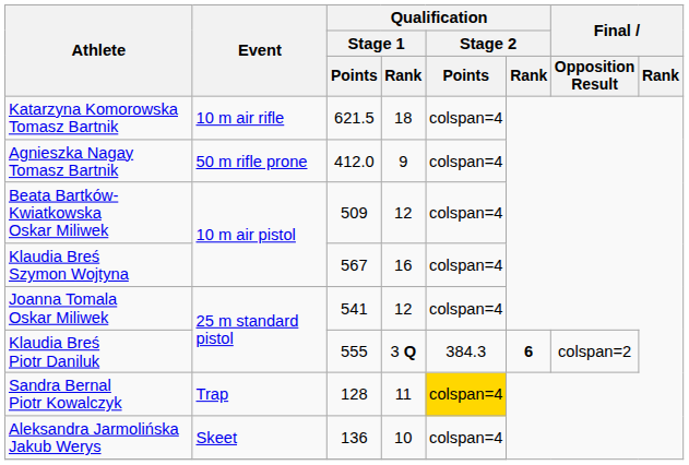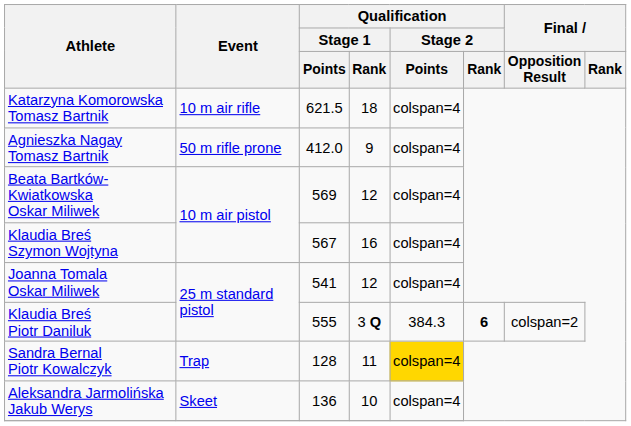 <table class="wikitable" style="text-align:center; font-size:90%">
 <tr>
 <th rowspan=3>Athlete</th>
 <th rowspan=3>Event</th>
 <th colspan=4>Qualification</th>
 <th colspan=2 rowspan=2>Final / </th>
 </tr>
 <tr>
 <th colspan="2">Stage 1</th>
 <th colspan="2">Stage 2</th>
 </tr>
 <tr style="font-size:95%">
 <th>Points</th>
 <th>Rank</th>
 <th>Points</th>
 <th>Rank</th>
 <th>Opposition<br>Result</th>
 <th>Rank</th>
 </tr>
 <tr>
 <td align=left><a href='#'>Katarzyna Komorowska</a><br><a href='#'>Tomasz Bartnik</a></td>
 <td align=left><a href='#'>10 m air rifle</a></td>
 <td>621.5</td>
 <td>18</td>
 <td>colspan=4 </td>
 </tr>
 <tr>
 <td align=left><a href='#'>Agnieszka Nagay</a><br><a href='#'>Tomasz Bartnik</a></td>
 <td align=left><a href='#'>50 m rifle prone</a></td>
 <td>412.0</td>
 <td>9</td>
 <td>colspan=4 </td>
 </tr>
 <tr>
 <td align=left><a href='#'>Beata Bartków-Kwiatkowska</a><br><a href='#'>Oskar Miliwek</a></td>
 <td rowspan=2 align=left><a href='#'>10 m air pistol</a></td>
-<td>509</td>
+<td>569</td>
 <td>12</td>
 <td>colspan=4 </td>
 </tr>
 <tr>
 <td align=left><a href='#'>Klaudia Breś</a><br><a href='#'>Szymon Wojtyna</a></td>
 <td>567</td>
 <td>16</td>
 <td>colspan=4 </td>
 </tr>
 <tr>
 <td align=left><a href='#'>Joanna Tomala</a><br><a href='#'>Oskar Miliwek</a></td>
 <td align=left rowspan=2><a href='#'>25 m standard pistol</a></td>
 <td>541</td>
 <td>12</td>
 <td>colspan=4 </td>
 </tr>
 <tr>
 <td align=left><a href='#'>Klaudia Breś</a><br><a href='#'>Piotr Daniluk</a></td>
 <td>555</td>
 <td>3 <strong>Q</strong></td>
 <td>384.3</td>
 <td><strong>6</strong></td>
 <td>colspan=2 </td>
 </tr>
 <tr>
 <td align=left><a href='#'>Sandra Bernal</a><br><a href='#'>Piotr Kowalczyk</a></td>
 <td align=left><a href='#'>Trap</a></td>
 <td>128</td>
 <td>11</td>
 <td style="background: gold;">colspan=4 </td>
 </tr>
 <tr>
 <td align=left><a href='#'>Aleksandra Jarmolińska</a><br><a href='#'>Jakub Werys</a></td>
 <td align=left><a href='#'>Skeet</a></td>
 <td>136</td>
 <td>10</td>
 <td>colspan=4 </td>
 </tr>
 <tr>
 </tr>
 </table>
